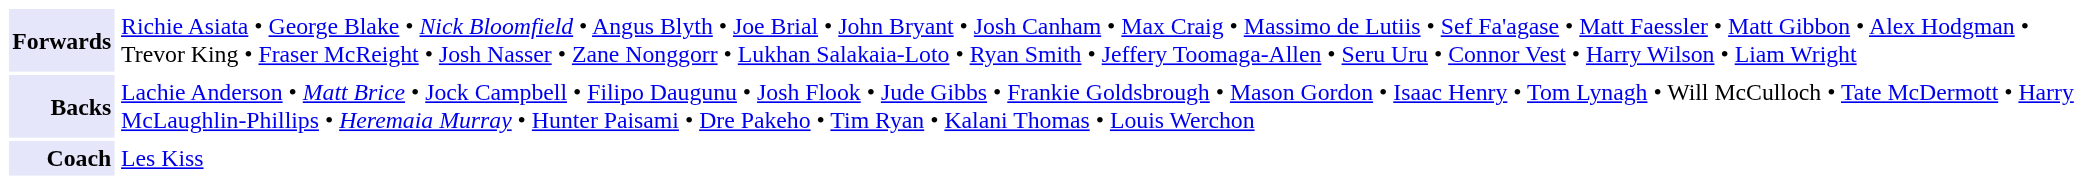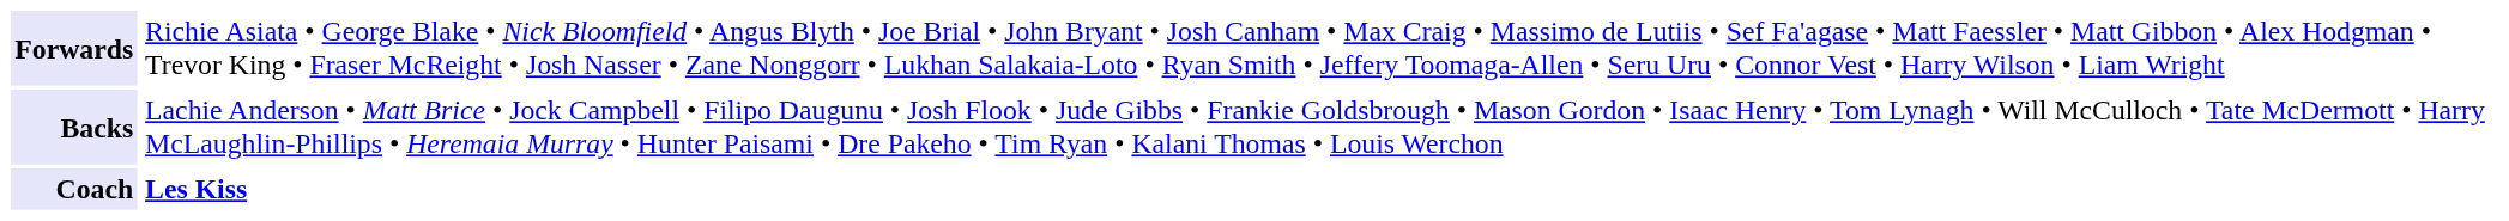 <table cellpadding="2" style="border: 1px solid white; font-size:90%;">
 <tr>
 <td style="text-align:right" bgcolor="lavender"><strong>Forwards</strong></td>
 <td style="text-align:left"><a href='#'>Richie Asiata</a> • <a href='#'>George Blake</a> • <em><a href='#'>Nick Bloomfield</a></em> • <a href='#'>Angus Blyth</a> • <a href='#'>Joe Brial</a> • <a href='#'>John Bryant</a> • <a href='#'>Josh Canham</a> • <a href='#'>Max Craig</a> • <a href='#'>Massimo de Lutiis</a> • <a href='#'>Sef Fa'agase</a> • <a href='#'>Matt Faessler</a> • <a href='#'>Matt Gibbon</a> • <a href='#'>Alex Hodgman</a> • Trevor King • <a href='#'>Fraser McReight</a> • <a href='#'>Josh Nasser</a> • <a href='#'>Zane Nonggorr</a> • <a href='#'>Lukhan Salakaia-Loto</a> • <a href='#'>Ryan Smith</a> • <a href='#'>Jeffery Toomaga-Allen</a> • <a href='#'>Seru Uru</a> • <a href='#'>Connor Vest</a> • <a href='#'>Harry Wilson</a> • <a href='#'>Liam Wright</a></td>
 </tr>
 <tr>
 <td style="text-align:right" bgcolor="lavender"><strong>Backs</strong></td>
 <td style="text-align:left"><a href='#'>Lachie Anderson</a> • <em><a href='#'>Matt Brice</a></em> • <a href='#'>Jock Campbell</a> • <a href='#'>Filipo Daugunu</a> • <a href='#'>Josh Flook</a> • <a href='#'>Jude Gibbs</a> • <a href='#'>Frankie Goldsbrough</a> • <a href='#'>Mason Gordon</a> • <a href='#'>Isaac Henry</a> • <a href='#'>Tom Lynagh</a> • Will McCulloch • <a href='#'>Tate McDermott</a> • <a href='#'>Harry McLaughlin-Phillips</a> • <em><a href='#'>Heremaia Murray</a></em> • <a href='#'>Hunter Paisami</a> • <a href='#'>Dre Pakeho</a> • <a href='#'>Tim Ryan</a> • <a href='#'>Kalani Thomas</a> • <a href='#'>Louis Werchon</a></td>
 </tr>
 <tr>
 <td style="text-align:right" bgcolor="lavender"><strong>Coach</strong></td>
-<td style="text-align:left"><a href='#'>Les Kiss</a></td>
+<td style="text-align:left"><strong><a href='#'>Les Kiss</a></strong></td>
 </tr>
 </table>
